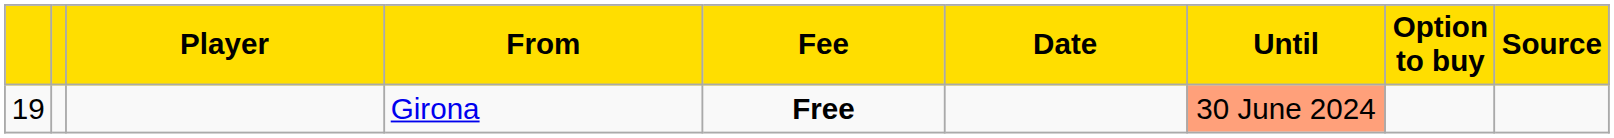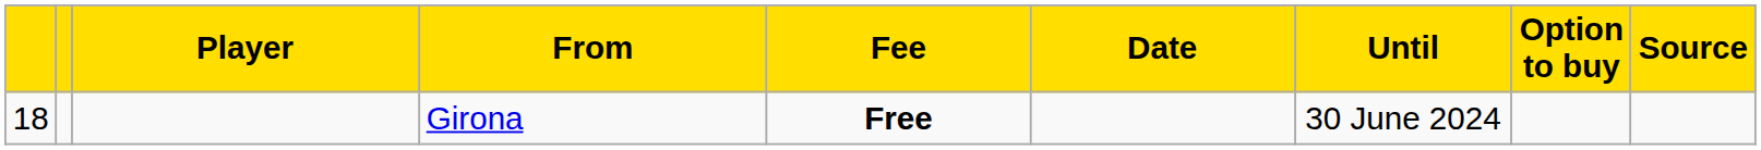 <table class="wikitable sortable">
 <tr>
 <th style="background:#FFDE00"></th>
 <th style="background:#FFDE00"></th>
 <th width=200 style="background:#FFDE00">Player</th>
 <th width=200 style="background:#FFDE00">From</th>
 <th width=150 style="background:#FFDE00">Fee</th>
 <th width=150 style="background:#FFDE00">Date</th>
 <th width=120 style="background:#FFDE00">Until</th>
 <th style="background:#FFDE00">Option to buy</th>
 <th style="background:#FFDE00">Source</th>
 </tr>
 <tr>
-<td align=center>19</td>
+<td align=center>18</td>
 <td align=center></td>
 <td></td>
 <td> <a href='#'>Girona</a></td>
 <td align=center><strong>Free</strong></td>
 <td align=center></td>
-<td align=center style="background: lightsalmon;">30 June 2024</td>
+<td align=center>30 June 2024</td>
 <td align=center></td>
 <td align=center></td>
 </tr>
 </table>
